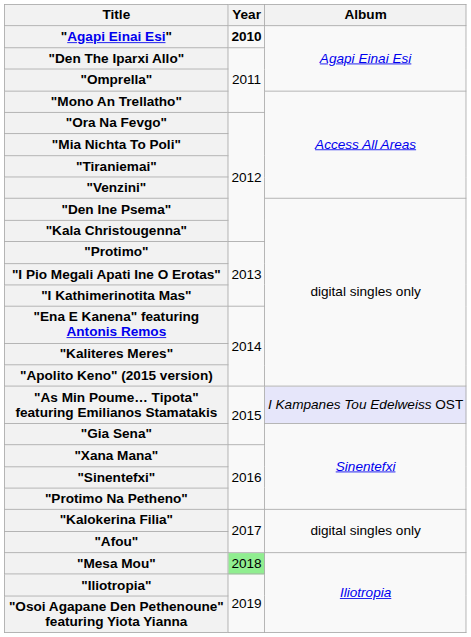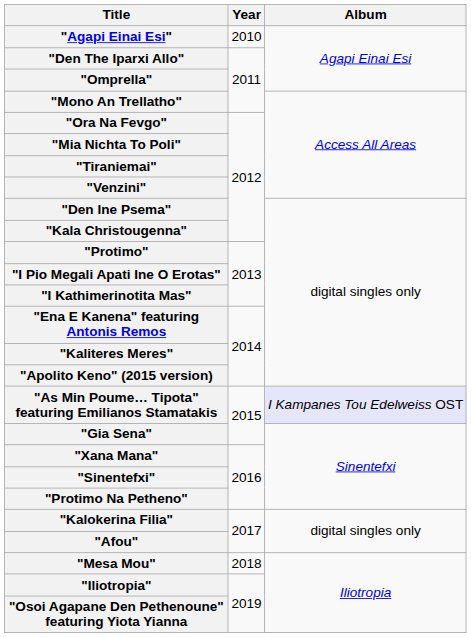 <table class="wikitable plainrowheaders" style="text-align:center;">
 <tr>
 <th scope="col" style="width:16em;">Title</th>
 <th scope="col">Year</th>
 <th scope="col">Album</th>
 </tr>
 <tr>
 <th scope="row">"<a href='#'>Agapi Einai Esi</a>"</th>
-<td><strong>2010</strong></td>
+<td>2010</td>
 <td rowspan="3"><em><a href='#'>Agapi Einai Esi</a></em></td>
 </tr>
 <tr>
 <th scope="row">"Den The Iparxi Allo"</th>
 <td rowspan="3">2011</td>
 </tr>
 <tr>
 <th scope="row">"Omprella"</th>
 </tr>
 <tr>
 <th scope="row">"Mono An Trellatho"</th>
 <td rowspan="5"><em><a href='#'>Access All Areas</a></em></td>
 </tr>
 <tr>
 <th scope="row">"Ora Na Fevgo"</th>
 <td rowspan="6">2012</td>
 </tr>
 <tr>
 <th scope="row">"Mia Nichta To Poli"</th>
 </tr>
 <tr>
 <th scope="row">"Tiraniemai"</th>
 </tr>
 <tr>
 <th scope="row">"Venzini"</th>
 </tr>
 <tr>
 <th scope="row">"Den Ine Psema"</th>
 <td rowspan="8">digital singles only</td>
 </tr>
 <tr>
 <th scope="row">"Kala Christougenna"</th>
 </tr>
 <tr>
 <th scope="row">"Protimo"</th>
 <td rowspan="3">2013</td>
 </tr>
 <tr>
 <th scope="row">"I Pio Megali Apati Ine O Erotas"</th>
 </tr>
 <tr>
 <th scope="row">"I Kathimerinotita Mas"</th>
 </tr>
 <tr>
 <th scope="row">"Ena E Kanena" featuring <a href='#'>Antonis Remos</a></th>
 <td rowspan="3">2014</td>
 </tr>
 <tr>
 <th scope="row">"Kaliteres Meres"</th>
 </tr>
 <tr>
 <th scope="row">"Apolito Keno" (2015 version)</th>
 </tr>
 <tr>
 <th scope="row">"As Min Poume… Tipota" featuring Emilianos Stamatakis</th>
 <td rowspan="2">2015</td>
 <td style="background: lavender;"><em>I Kampanes Tou Edelweiss</em> OST</td>
 </tr>
 <tr>
 <th scope="row">"Gia Sena"</th>
 <td rowspan="4"><em><a href='#'>Sinentefxi</a></em></td>
 </tr>
 <tr>
 <th scope="row">"Xana Mana"</th>
 <td rowspan="3">2016</td>
 </tr>
 <tr>
 <th scope="row">"Sinentefxi"</th>
 </tr>
 <tr>
 <th scope="row">"Protimo Na Petheno"</th>
 </tr>
 <tr>
 <th scope="row">"Kalokerina Filia"</th>
 <td rowspan="2">2017</td>
 <td rowspan="2">digital singles only</td>
 </tr>
 <tr>
 <th scope="row">"Afou"</th>
 </tr>
 <tr>
 <th scope="row">"Mesa Mou"</th>
-<td style="background: lightgreen;">2018</td>
+<td>2018</td>
 <td rowspan="5"><em><a href='#'>Iliotropia</a></em></td>
 </tr>
 <tr>
 <th scope="row">"Iliotropia"</th>
 <td rowspan="2">2019</td>
 </tr>
 <tr>
 <th scope="row">"Osoi Agapane Den Pethenoune" featuring Yiota Yianna</th>
 </tr>
 </table>
